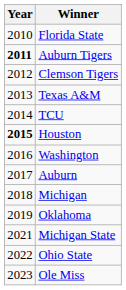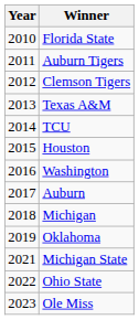 <table class="wikitable">
 <tr>
 <th>Year</th>
 <th>Winner</th>
 </tr>
 <tr>
 <td>2010</td>
 <td><a href='#'>Florida State</a></td>
 </tr>
 <tr>
-<td><strong>2011</strong></td>
+<td>2011</td>
 <td><a href='#'>Auburn Tigers</a></td>
 </tr>
 <tr>
 <td>2012</td>
 <td><a href='#'>Clemson Tigers</a></td>
 </tr>
 <tr>
 <td>2013</td>
 <td><a href='#'>Texas A&M</a></td>
 </tr>
 <tr>
 <td>2014</td>
 <td><a href='#'>TCU</a></td>
 </tr>
 <tr>
-<td><strong>2015</strong></td>
+<td>2015</td>
 <td><a href='#'>Houston</a></td>
 </tr>
 <tr>
 <td>2016</td>
 <td><a href='#'>Washington</a></td>
 </tr>
 <tr>
 <td>2017</td>
 <td><a href='#'>Auburn</a></td>
 </tr>
 <tr>
 <td>2018</td>
 <td><a href='#'>Michigan</a></td>
 </tr>
 <tr>
 <td>2019</td>
 <td><a href='#'>Oklahoma</a></td>
 </tr>
 <tr>
 <td>2021</td>
 <td><a href='#'>Michigan State</a></td>
 </tr>
 <tr>
 <td>2022</td>
 <td><a href='#'>Ohio State</a></td>
 </tr>
 <tr>
 <td>2023</td>
 <td><a href='#'>Ole Miss</a></td>
 </tr>
 </table>
